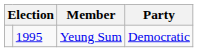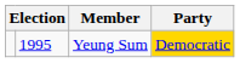 <table class="wikitable">
 <tr>
 <th colspan="2">Election</th>
 <th>Member</th>
 <th>Party</th>
 </tr>
 <tr>
 <td style="background-color: "></td>
 <td><a href='#'>1995</a></td>
 <td><a href='#'>Yeung Sum</a></td>
-<td><a href='#'>Democratic</a></td>
+<td style="background: gold;"><a href='#'>Democratic</a></td>
 </tr>
 </table>
